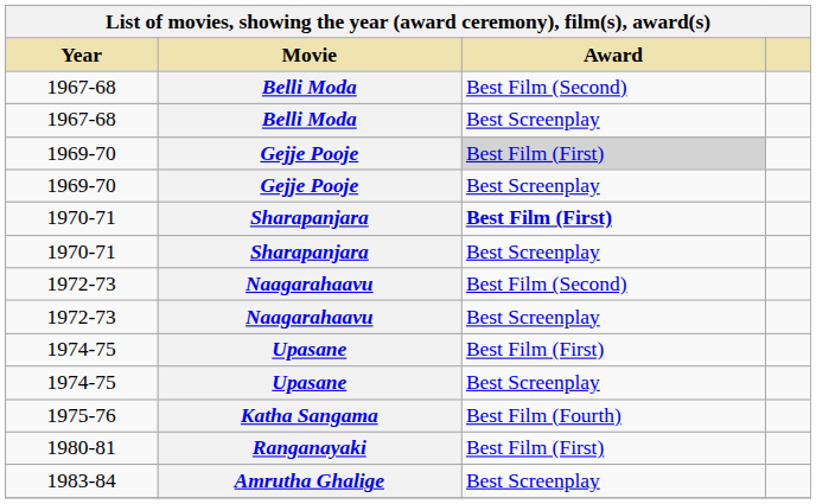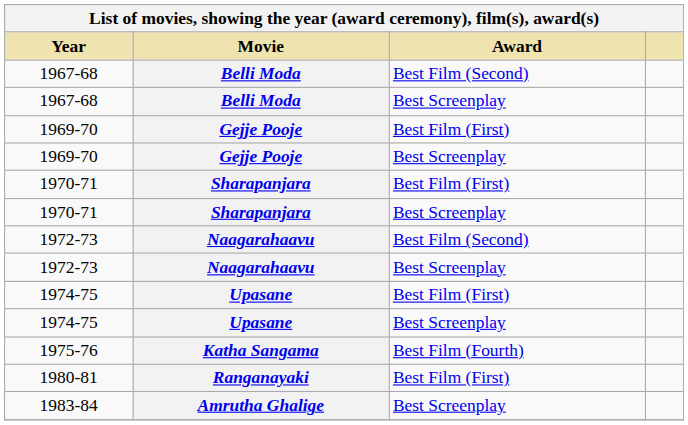 <table class="wikitable sortable plainrowheaders" style="width:100%">
 <tr>
 <th colspan="5">List of movies, showing the year (award ceremony), film(s), award(s)</th>
 </tr>
 <tr>
 <th scope="col" style="background-color:#EFE4B0;width:10%;">Year</th>
 <th scope="col" style="background-color:#EFE4B0;width:20%;">Movie</th>
 <th scope="col" style="background-color:#EFE4B0;width:20%;">Award</th>
 <th scope="col" style="background-color:#EFE4B0;width:3%" class="unsortable"></th>
 </tr>
 <tr>
 <td align="center">1967-68</td>
 <th scope="row"><em><a href='#'>Belli Moda</a></em></th>
 <td><a href='#'>Best Film (Second)</a></td>
 <td align="center"></td>
 </tr>
 <tr>
 <td align="center">1967-68</td>
 <th scope="row"><em><a href='#'>Belli Moda</a></em></th>
 <td><a href='#'>Best Screenplay</a></td>
 <td align="center"></td>
 </tr>
 <tr>
 <td align="center">1969-70</td>
 <th scope="row"><em><a href='#'>Gejje Pooje</a></em></th>
-<td style="background: lightgrey;"><a href='#'>Best Film (First)</a></td>
+<td><a href='#'>Best Film (First)</a></td>
 <td align="center"></td>
 </tr>
 <tr>
 <td align="center">1969-70</td>
 <th scope="row"><em><a href='#'>Gejje Pooje</a></em></th>
 <td><a href='#'>Best Screenplay</a></td>
 <td align="center"></td>
 </tr>
 <tr>
 <td align="center">1970-71</td>
 <th scope="row"><em><a href='#'>Sharapanjara</a></em></th>
-<td><strong><a href='#'>Best Film (First)</a></strong></td>
+<td><a href='#'>Best Film (First)</a></td>
 <td align="center"></td>
 </tr>
 <tr>
 <td align="center">1970-71</td>
 <th scope="row"><em><a href='#'>Sharapanjara</a></em></th>
 <td><a href='#'>Best Screenplay</a></td>
 <td align="center"></td>
 </tr>
 <tr>
 <td align="center">1972-73</td>
 <th scope="row"><em><a href='#'>Naagarahaavu</a></em></th>
 <td><a href='#'>Best Film (Second)</a></td>
 <td align="center"></td>
 </tr>
 <tr>
 <td align="center">1972-73</td>
 <th scope="row"><em><a href='#'>Naagarahaavu</a></em></th>
 <td><a href='#'>Best Screenplay</a></td>
 <td align="center"></td>
 </tr>
 <tr>
 <td align="center">1974-75</td>
 <th scope="row"><em><a href='#'>Upasane</a></em></th>
 <td><a href='#'>Best Film (First)</a></td>
 <td align="center"></td>
 </tr>
 <tr>
 <td align="center">1974-75</td>
 <th scope="row"><em><a href='#'>Upasane</a></em></th>
 <td><a href='#'>Best Screenplay</a></td>
 <td align="center"></td>
 </tr>
 <tr>
 <td align="center">1975-76</td>
 <th scope="row"><em><a href='#'>Katha Sangama</a></em></th>
 <td><a href='#'>Best Film (Fourth)</a></td>
 <td align="center"></td>
 </tr>
 <tr>
 <td align="center">1980-81</td>
 <th scope="row"><em><a href='#'>Ranganayaki</a></em></th>
 <td><a href='#'>Best Film (First)</a></td>
 <td align="center"></td>
 </tr>
 <tr>
 <td align="center">1983-84</td>
 <th scope="row"><em><a href='#'>Amrutha Ghalige</a></em></th>
 <td><a href='#'>Best Screenplay</a></td>
 <td align="center"></td>
 </tr>
 <tr>
 </tr>
 </table>
